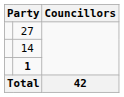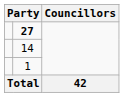 <table class="wikitable">
 <tr>
 <th colspan=2>Party</th>
 <th>Councillors</th>
 </tr>
 <tr>
 <td></td>
-<td align=center>27</td>
+<td align=center><strong>27</strong></td>
 </tr>
 <tr>
 <td></td>
 <td align=center>14</td>
 </tr>
 <tr>
 <td></td>
-<td align=center><strong>1</strong></td>
+<td align=center>1</td>
 </tr>
 <tr>
 <th colspan=2>Total</th>
 <th>42</th>
 </tr>
 </table>
